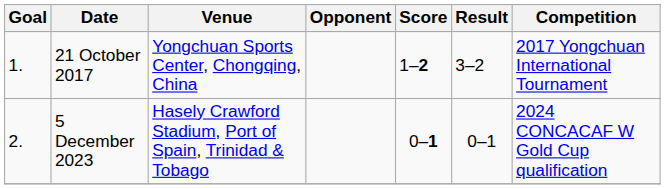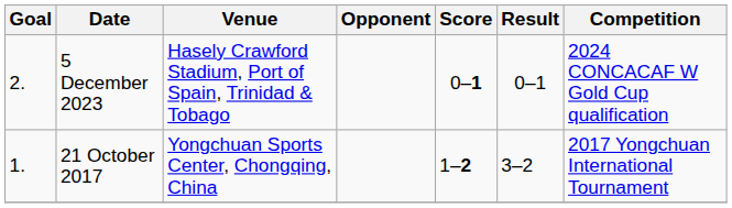 <table class="wikitable">
 <tr>
 <th>Goal</th>
 <th>Date</th>
 <th>Venue</th>
 <th>Opponent</th>
 <th>Score</th>
 <th>Result</th>
 <th>Competition</th>
 </tr>
 <tr>
+<td>2.</td>
+<td>5 December 2023</td>
+<td><a href='#'>Hasely Crawford Stadium</a>, <a href='#'>Port of Spain</a>, <a href='#'>Trinidad & Tobago</a></td>
+<td></td>
+<td align=center>0–<strong>1</strong></td>
+<td align=center>0–1</td>
+<td><a href='#'>2024 CONCACAF W Gold Cup qualification</a></td>
+</tr>
+<tr>
 <td>1.</td>
 <td>21 October 2017</td>
 <td><a href='#'>Yongchuan Sports Center</a>, <a href='#'>Chongqing</a>, <a href='#'>China</a></td>
 <td></td>
 <td>1–<strong>2</strong></td>
 <td>3–2</td>
 <td><a href='#'>2017 Yongchuan International Tournament</a></td>
 </tr>
 <tr>
-<td>2.</td>
-<td>5 December 2023</td>
-<td><a href='#'>Hasely Crawford Stadium</a>, <a href='#'>Port of Spain</a>, <a href='#'>Trinidad & Tobago</a></td>
-<td></td>
-<td align=center>0–<strong>1</strong></td>
-<td align=center>0–1</td>
-<td><a href='#'>2024 CONCACAF W Gold Cup qualification</a></td>
-</tr>
-<tr>
 </tr>
 </table>
